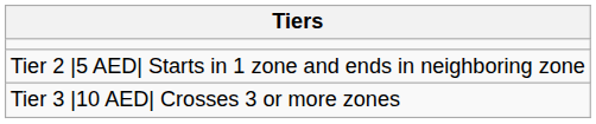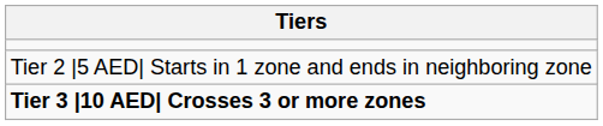 <table class="wikitable">
 <tr>
 <th>Tiers</th>
 </tr>
 <tr>
 <td text-align: "center"></td>
 </tr>
 <tr>
 <td text-align: "center">Tier 2 |5 AED| Starts in 1 zone and ends in neighboring zone</td>
 </tr>
 <tr>
-<td text-align: "center">Tier 3 |10 AED| Crosses 3 or more zones</td>
+<td text-align: "center"><strong>Tier 3 |10 AED| Crosses 3 or more zones</strong></td>
 </tr>
 </table>
